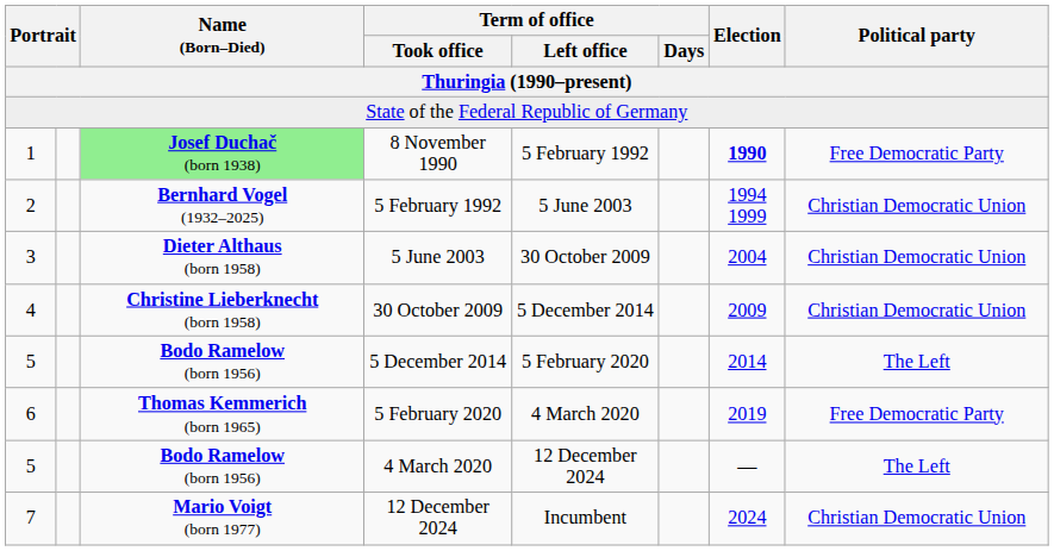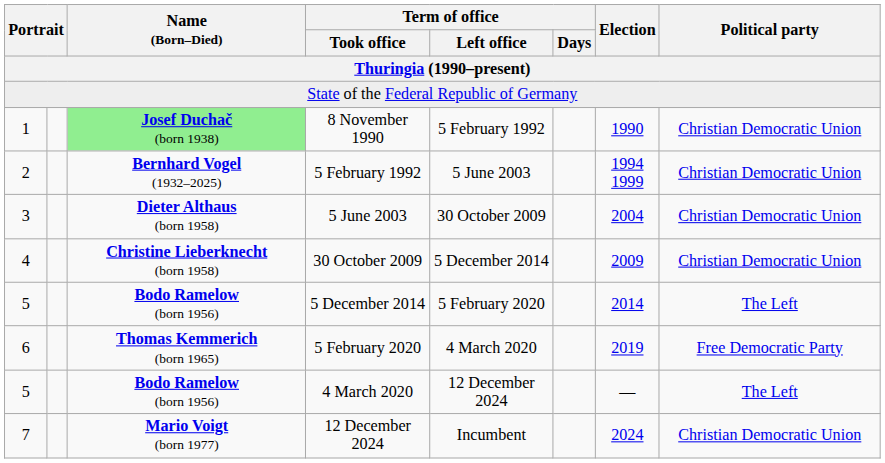 <table class="wikitable" style="text-align:center; border:1px #AAAAFF solid">
 <tr>
 <th width=80px rowspan=2 colspan=2>Portrait</th>
 <th width=30% rowspan=2>Name<br><small>(Born–Died)</small></th>
 <th width=35% colspan=3>Term of office</th>
 <th rowspan="2">Election</th>
 <th rowspan="2" width="28%">Political party</th>
 </tr>
 <tr>
 <th>Took office</th>
 <th>Left office</th>
 <th>Days</th>
 </tr>
 <tr>
 <th colspan="8"><a href='#'>Thuringia</a> (1990–present)</th>
 </tr>
 <tr>
 <td bgcolor=#EEEEEE colspan=8><a href='#'>State</a> of the <a href='#'>Federal Republic of Germany</a></td>
 </tr>
 <tr>
 <td style="background:">1</td>
 <td></td>
 <td style="background: lightgreen;"><strong><a href='#'>Josef Duchač</a></strong><br><small>(born 1938)</small></td>
 <td>8 November 1990</td>
 <td>5 February 1992<br></td>
 <td></td>
-<td><strong><a href='#'>1990</a></strong></td>
-<td><a href='#'>Free Democratic Party</a></td>
+<td><a href='#'>1990</a></td>
+<td><a href='#'>Christian Democratic Union</a></td>
 </tr>
 <tr>
 <td style="background:">2</td>
 <td></td>
 <td><strong><a href='#'>Bernhard Vogel</a></strong><br><small>(1932–2025)</small></td>
 <td>5 February 1992</td>
 <td>5 June 2003<br></td>
 <td></td>
 <td><a href='#'>1994</a><br><a href='#'>1999</a></td>
 <td><a href='#'>Christian Democratic Union</a></td>
 </tr>
 <tr>
 <td style="background:">3</td>
 <td></td>
 <td><strong><a href='#'>Dieter Althaus</a></strong><br><small>(born 1958)</small></td>
 <td>5 June 2003</td>
 <td>30 October 2009<br></td>
 <td></td>
 <td><a href='#'>2004</a></td>
 <td><a href='#'>Christian Democratic Union</a></td>
 </tr>
 <tr>
 <td style="background:">4</td>
 <td></td>
 <td><strong><a href='#'>Christine Lieberknecht</a></strong><br><small>(born 1958)</small></td>
 <td>30 October 2009</td>
 <td>5 December 2014</td>
 <td></td>
 <td><a href='#'>2009</a></td>
 <td><a href='#'>Christian Democratic Union</a></td>
 </tr>
 <tr>
 <td style="background:">5</td>
 <td></td>
 <td><strong><a href='#'>Bodo Ramelow</a></strong><br><small>(born 1956)</small><br></td>
 <td>5 December 2014</td>
 <td>5 February 2020</td>
 <td></td>
 <td><a href='#'>2014</a></td>
 <td><a href='#'>The Left</a></td>
 </tr>
 <tr>
 <td style="background:">6</td>
 <td></td>
 <td><strong><a href='#'>Thomas Kemmerich</a></strong><br><small>(born 1965)</small></td>
 <td>5 February 2020</td>
 <td>4 March 2020<br></td>
 <td></td>
 <td><a href='#'>2019</a></td>
 <td><a href='#'>Free Democratic Party</a></td>
 </tr>
 <tr>
 <td style="background:">5</td>
 <td></td>
 <td><strong><a href='#'>Bodo Ramelow</a></strong><br><small>(born 1956)</small><br></td>
 <td>4 March 2020</td>
 <td>12 December 2024</td>
 <td></td>
 <td>—</td>
 <td><a href='#'>The Left</a></td>
 </tr>
 <tr>
 <td style="background:">7</td>
 <td></td>
 <td><strong><a href='#'>Mario Voigt</a></strong><br><small>(born 1977)</small></td>
 <td>12 December 2024</td>
 <td>Incumbent</td>
 <td></td>
 <td><a href='#'>2024</a></td>
 <td><a href='#'>Christian Democratic Union</a></td>
 </tr>
 </table>
